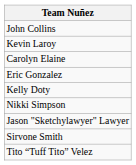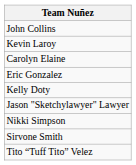 <table class="wikitable" style="display: inline-table;">
 <tr>
 <th>Team Nuñez</th>
 </tr>
 <tr>
 <td>John Collins</td>
 </tr>
 <tr>
 <td>Kevin Laroy</td>
 </tr>
 <tr>
 <td>Carolyn Elaine</td>
 </tr>
 <tr>
 <td>Eric Gonzalez</td>
 </tr>
 <tr>
 <td>Kelly Doty</td>
 </tr>
 <tr>
-<td>Nikki Simpson</td>
+<td>Jason "Sketchylawyer" Lawyer</td>
 </tr>
 <tr>
-<td>Jason "Sketchylawyer" Lawyer</td>
+<td>Nikki Simpson</td>
 </tr>
 <tr>
 <td>Sirvone Smith</td>
 </tr>
 <tr>
 <td>Tito “Tuff Tito” Velez</td>
 </tr>
 </table>
